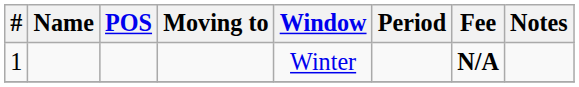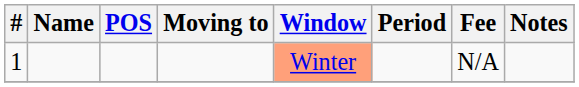 <table class="wikitable sortable" style="text-align:center">
 <tr>
 <th>#</th>
 <th>Name</th>
 <th><a href='#'>POS</a></th>
 <th>Moving to</th>
 <th><a href='#'>Window</a></th>
 <th>Period</th>
 <th>Fee</th>
 <th>Notes</th>
 </tr>
 <tr>
 <td>1</td>
 <td align=left></td>
 <td></td>
 <td align=left></td>
-<td><a href='#'>Winter</a></td>
+<td style="background: lightsalmon;"><a href='#'>Winter</a></td>
 <td></td>
-<td><strong>N/A</strong></td>
+<td>N/A</td>
 <td></td>
 </tr>
 <tr>
 </tr>
 </table>
